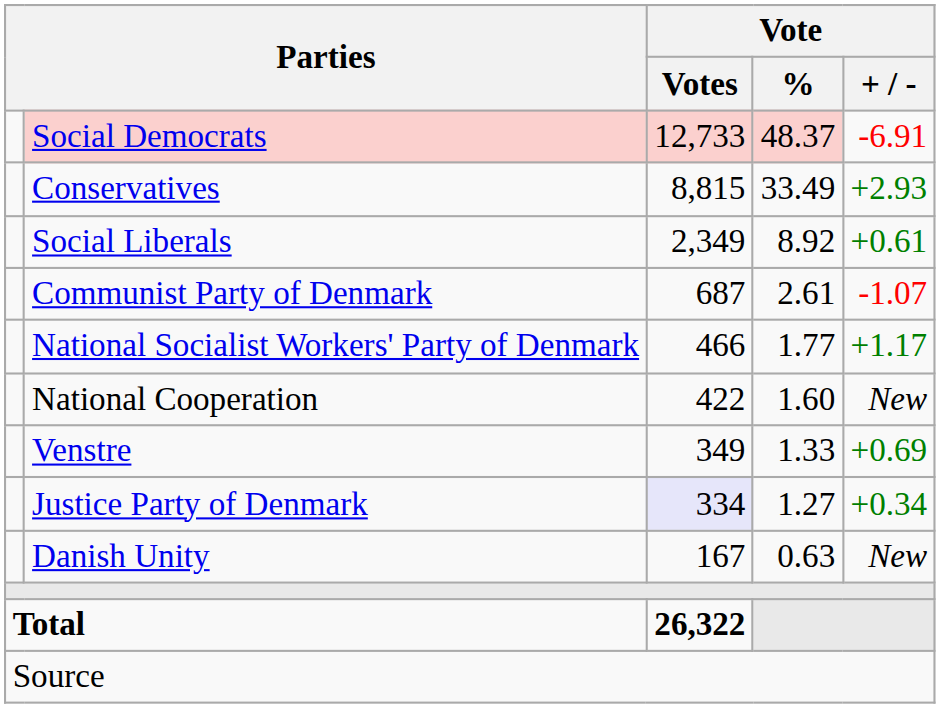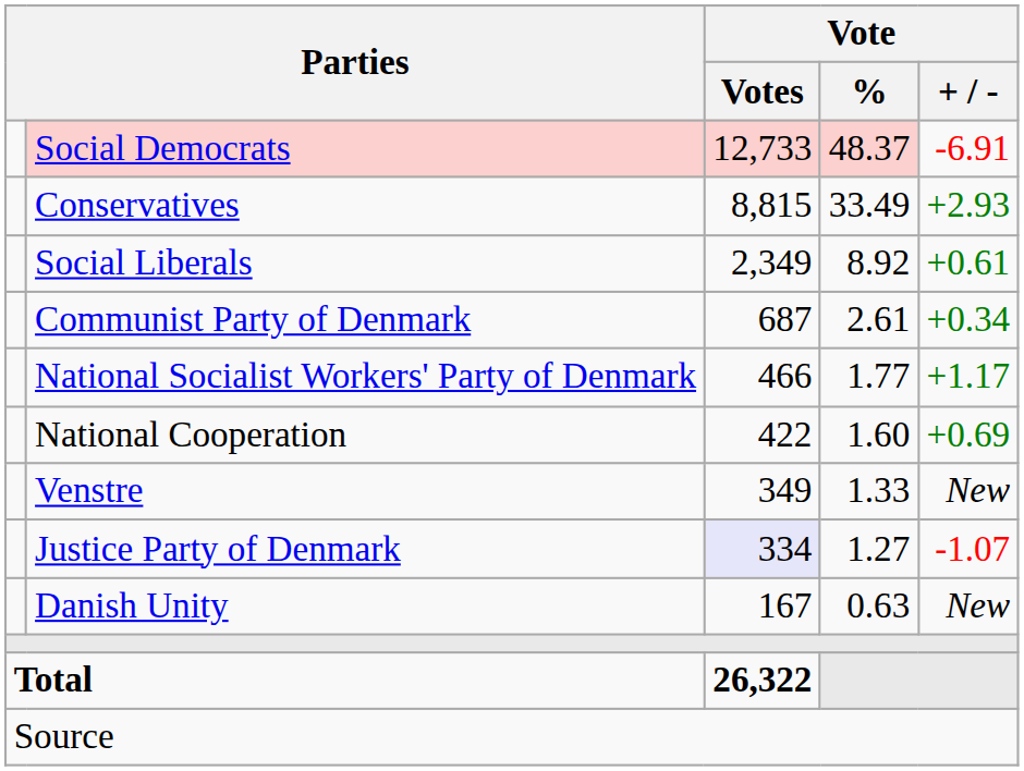 <table class="wikitable" style="text-align:right;">
 <tr>
 <th style="text-align:centre;" rowspan="2" colspan="2" width="225">Parties</th>
 <th colspan="3">Vote</th>
 </tr>
 <tr>
 <th width="15">Votes</th>
 <th width="15">%</th>
 <th width="15">+ / -</th>
 </tr>
 <tr>
 <td width="2" style="color:inherit;background:"></td>
 <td bgcolor=#fbd0ce  align="left"><a href='#'>Social Democrats</a></td>
 <td bgcolor=#fbd0ce>12,733</td>
 <td bgcolor=#fbd0ce>48.37</td>
 <td style=color:red;>-6.91</td>
 </tr>
 <tr>
 <td width="2" style="color:inherit;background:"></td>
 <td align="left"><a href='#'>Conservatives</a></td>
 <td>8,815</td>
 <td>33.49</td>
 <td style=color:green;>+2.93</td>
 </tr>
 <tr>
 <td width="2" style="color:inherit;background:"></td>
 <td align="left"><a href='#'>Social Liberals</a></td>
 <td>2,349</td>
 <td>8.92</td>
 <td style=color:green;>+0.61</td>
 </tr>
 <tr>
 <td width="2" style="color:inherit;background:"></td>
 <td align="left"><a href='#'>Communist Party of Denmark</a></td>
 <td>687</td>
 <td>2.61</td>
-<td style=color:red;>-1.07</td>
+<td style=color:green;>+0.34</td>
 </tr>
 <tr>
 <td width="2" style="color:inherit;background:"></td>
 <td align="left"><a href='#'>National Socialist Workers' Party of Denmark</a></td>
 <td>466</td>
 <td>1.77</td>
 <td style=color:green;>+1.17</td>
 </tr>
 <tr>
 <td width="2" style="color:inherit;background:"></td>
 <td align="left">National Cooperation</td>
 <td>422</td>
 <td>1.60</td>
-<td><em>New</em></td>
+<td style=color:green;>+0.69</td>
 </tr>
 <tr>
 <td width="2" style="color:inherit;background:"></td>
 <td align="left"><a href='#'>Venstre</a></td>
 <td>349</td>
 <td>1.33</td>
-<td style=color:green;>+0.69</td>
+<td><em>New</em></td>
 </tr>
 <tr>
 <td width="2" style="color:inherit;background:"></td>
 <td align="left"><a href='#'>Justice Party of Denmark</a></td>
 <td style="background: lavender;">334</td>
 <td>1.27</td>
-<td style=color:green;>+0.34</td>
+<td style=color:red;>-1.07</td>
 </tr>
 <tr>
 <td width="2" style="color:inherit;background:"></td>
 <td align="left"><a href='#'>Danish Unity</a></td>
 <td>167</td>
 <td>0.63</td>
 <td><em>New</em></td>
 </tr>
 <tr>
 <td colspan="7" bgcolor="#E9E9E9"></td>
 </tr>
 <tr>
 <td align="left" colspan="2"><strong>Total</strong></td>
 <td><strong>26,322</strong></td>
 <td bgcolor="#E9E9E9" colspan="2"></td>
 </tr>
 <tr>
 <td align="left" colspan="6">Source</td>
 </tr>
 </table>
